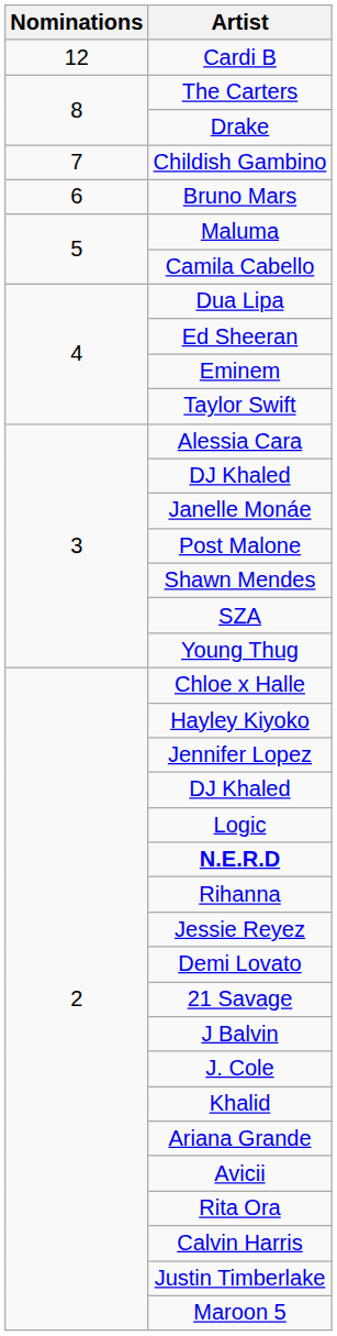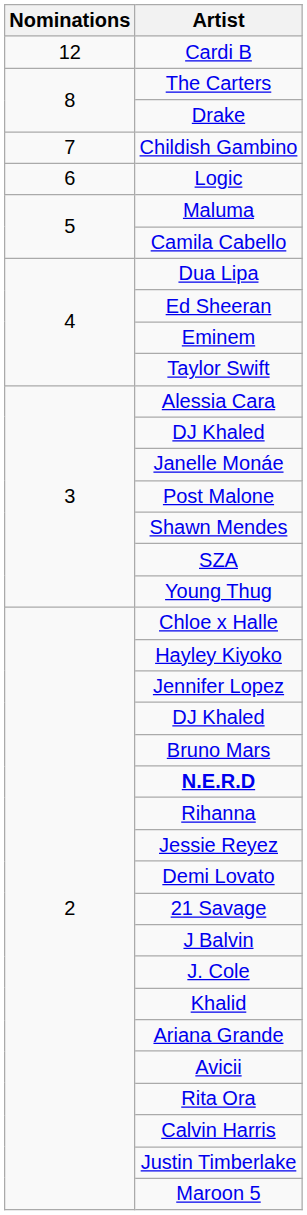 <table class="wikitable" rowspan="2" style="text-align:center">
 <tr>
 <th scope="col" style="width:55px;">Nominations</th>
 <th scope="col" style="text-align:center;">Artist</th>
 </tr>
 <tr>
 <td style="text-align:center">12</td>
 <td><a href='#'>Cardi B</a></td>
 </tr>
 <tr>
 <td rowspan="2" style="text-align:center">8</td>
 <td><a href='#'>The Carters</a></td>
 </tr>
 <tr>
 <td><a href='#'>Drake</a></td>
 </tr>
 <tr>
 <td style="text-align:center">7</td>
 <td><a href='#'>Childish Gambino</a></td>
 </tr>
 <tr>
 <td style="text-align:center">6</td>
-<td><a href='#'>Bruno Mars</a></td>
+<td><a href='#'>Logic</a></td>
 </tr>
 <tr>
 <td rowspan="2" style="text-align:center">5</td>
 <td><a href='#'>Maluma</a></td>
 </tr>
 <tr>
 <td><a href='#'>Camila Cabello</a></td>
 </tr>
 <tr>
 <td rowspan="4" style="text-align:center">4</td>
 <td><a href='#'>Dua Lipa</a></td>
 </tr>
 <tr>
 <td><a href='#'>Ed Sheeran</a></td>
 </tr>
 <tr>
 <td><a href='#'>Eminem</a></td>
 </tr>
 <tr>
 <td><a href='#'>Taylor Swift</a></td>
 </tr>
 <tr>
 <td rowspan="7" style="text-align:center">3</td>
 <td><a href='#'>Alessia Cara</a></td>
 </tr>
 <tr>
 <td><a href='#'>DJ Khaled</a></td>
 </tr>
 <tr>
 <td><a href='#'>Janelle Monáe</a></td>
 </tr>
 <tr>
 <td><a href='#'>Post Malone</a></td>
 </tr>
 <tr>
 <td><a href='#'>Shawn Mendes</a></td>
 </tr>
 <tr>
 <td><a href='#'>SZA</a></td>
 </tr>
 <tr>
 <td><a href='#'>Young Thug</a></td>
 </tr>
 <tr>
 <td rowspan="19" style="text-align:center">2</td>
 <td><a href='#'>Chloe x Halle</a></td>
 </tr>
 <tr>
 <td><a href='#'>Hayley Kiyoko</a></td>
 </tr>
 <tr>
 <td><a href='#'>Jennifer Lopez</a></td>
 </tr>
 <tr>
 <td><a href='#'>DJ Khaled</a></td>
 </tr>
 <tr>
-<td><a href='#'>Logic</a></td>
+<td><a href='#'>Bruno Mars</a></td>
 </tr>
 <tr>
 <td><strong><a href='#'>N.E.R.D</a></strong></td>
 </tr>
 <tr>
 <td><a href='#'>Rihanna</a></td>
 </tr>
 <tr>
 <td><a href='#'>Jessie Reyez</a></td>
 </tr>
 <tr>
 <td><a href='#'>Demi Lovato</a></td>
 </tr>
 <tr>
 <td><a href='#'>21 Savage</a></td>
 </tr>
 <tr>
 <td><a href='#'>J Balvin</a></td>
 </tr>
 <tr>
 <td><a href='#'>J. Cole</a></td>
 </tr>
 <tr>
 <td><a href='#'>Khalid</a></td>
 </tr>
 <tr>
 <td><a href='#'>Ariana Grande</a></td>
 </tr>
 <tr>
 <td><a href='#'>Avicii</a></td>
 </tr>
 <tr>
 <td><a href='#'>Rita Ora</a></td>
 </tr>
 <tr>
 <td><a href='#'>Calvin Harris</a></td>
 </tr>
 <tr>
 <td><a href='#'>Justin Timberlake</a></td>
 </tr>
 <tr>
 <td><a href='#'>Maroon 5</a></td>
 </tr>
 </table>
